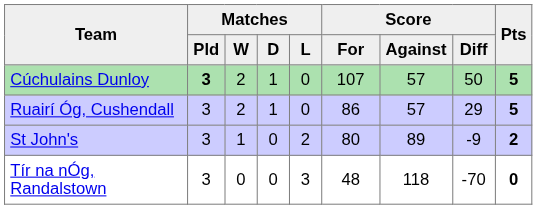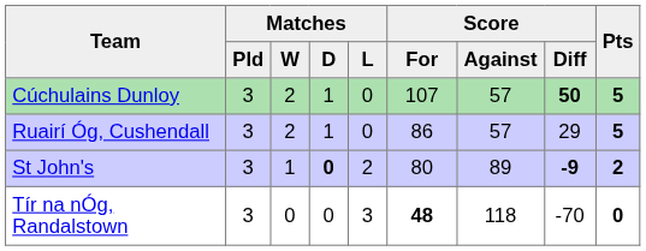 <table style=border-collapse:collapse border=1 cellspacing=0 cellpadding=5>
 <tr align=center bgcolor=#efefef>
 <th rowspan=2 width=165>Team</th>
 <th colspan=4>Matches</th>
 <th colspan=3>Score</th>
 <th rowspan=2width=20>Pts</th>
 </tr>
 <tr align=center bgcolor=#efefef>
 <th width=20>Pld</th>
 <th width=20>W</th>
 <th width=20>D</th>
 <th width=20>L</th>
 <th width=45>For</th>
 <th width=45>Against</th>
 <th width=30>Diff</th>
 </tr>
 <tr align=center style="background:#ACE1AF;">
 <td style="text-align:left;"><a href='#'>Cúchulains Dunloy</a></td>
-<td><strong>3</strong></td>
+<td>3</td>
 <td>2</td>
 <td>1</td>
 <td>0</td>
 <td>107</td>
 <td>57</td>
-<td>50</td>
+<td><strong>50</strong></td>
 <td><strong>5</strong></td>
 </tr>
 <tr align=center style="background:#ccccff;">
 <td style="text-align:left;"><a href='#'>Ruairí Óg, Cushendall</a></td>
 <td>3</td>
 <td>2</td>
 <td>1</td>
 <td>0</td>
 <td>86</td>
 <td>57</td>
 <td>29</td>
 <td><strong>5</strong></td>
 </tr>
 <tr align=center style="background:#ccccff;">
 <td style="text-align:left;"><a href='#'>St John's</a></td>
 <td>3</td>
 <td>1</td>
-<td>0</td>
+<td><strong>0</strong></td>
 <td>2</td>
 <td>80</td>
 <td>89</td>
-<td>-9</td>
+<td><strong>-9</strong></td>
 <td><strong>2</strong></td>
 </tr>
 <tr align=center>
 <td style="text-align:left;"><a href='#'>Tír na nÓg, Randalstown</a></td>
 <td>3</td>
 <td>0</td>
 <td>0</td>
 <td>3</td>
-<td>48</td>
+<td><strong>48</strong></td>
 <td>118</td>
 <td>-70</td>
 <td><strong>0</strong></td>
 </tr>
 </table>
